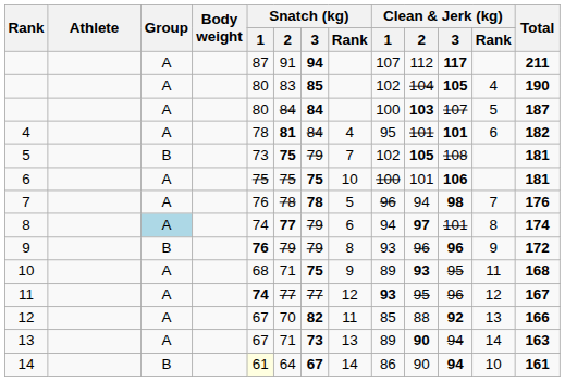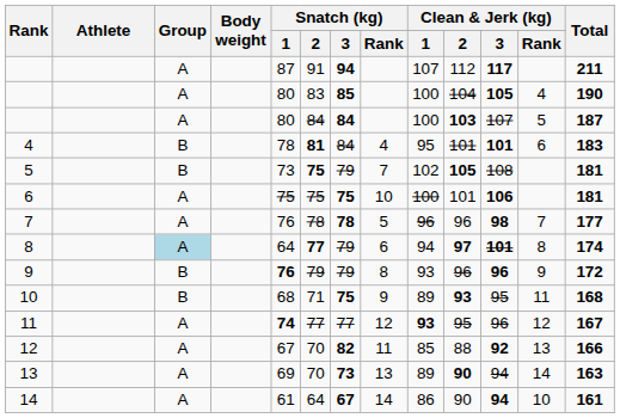 <table class = "wikitable" style="text-align:center;">
 <tr>
 <th rowspan=2 width=40>Rank</th>
 <th rowspan=2 width=250>Athlete</th>
 <th rowspan=2 width=50>Group</th>
 <th rowspan=2 width=60>Body weight</th>
 <th colspan=4>Snatch (kg)</th>
 <th colspan=4>Clean & Jerk (kg)</th>
 <th rowspan=2 width=60>Total</th>
 </tr>
 <tr>
 <th width=40>1</th>
 <th width=40>2</th>
 <th width=40>3</th>
 <th width=40>Rank</th>
 <th width=40>1</th>
 <th width=40>2</th>
 <th width=40>3</th>
 <th width=40>Rank</th>
 </tr>
 <tr>
 <td></td>
 <td align=left></td>
 <td>A</td>
 <td></td>
 <td>87</td>
 <td>91</td>
 <td><strong>94</strong></td>
 <td></td>
 <td>107</td>
 <td>112</td>
 <td><strong>117</strong></td>
 <td></td>
 <td><strong>211</strong></td>
 </tr>
 <tr>
 <td></td>
 <td align=left></td>
 <td>A</td>
 <td></td>
 <td>80</td>
 <td>83</td>
 <td><strong>85</strong></td>
 <td></td>
-<td>102</td>
+<td>100</td>
 <td><s>104</s></td>
 <td><strong>105</strong></td>
 <td>4</td>
 <td><strong>190</strong></td>
 </tr>
 <tr>
 <td></td>
 <td align=left></td>
 <td>A</td>
 <td></td>
 <td>80</td>
 <td><s>84</s></td>
 <td><strong>84</strong></td>
 <td></td>
 <td>100</td>
 <td><strong>103</strong></td>
 <td><s>107</s></td>
 <td>5</td>
 <td><strong>187</strong></td>
 </tr>
 <tr>
 <td>4</td>
 <td align=left></td>
-<td>A</td>
+<td>B</td>
 <td></td>
 <td>78</td>
 <td><strong>81</strong></td>
 <td><s>84</s></td>
 <td>4</td>
 <td>95</td>
 <td><s>101</s></td>
 <td><strong>101</strong></td>
 <td>6</td>
-<td><strong>182</strong></td>
+<td><strong>183</strong></td>
 </tr>
 <tr>
 <td>5</td>
 <td align=left></td>
 <td>B</td>
 <td></td>
 <td>73</td>
 <td><strong>75</strong></td>
 <td><s>79</s></td>
 <td>7</td>
 <td>102</td>
 <td><strong>105</strong></td>
 <td><s>108</s></td>
 <td></td>
 <td><strong>181</strong></td>
 </tr>
 <tr>
 <td>6</td>
 <td align=left></td>
 <td>A</td>
 <td></td>
 <td><s>75</s></td>
 <td><s>75</s></td>
 <td><strong>75</strong></td>
 <td>10</td>
 <td><s>100</s></td>
 <td>101</td>
 <td><strong>106</strong></td>
 <td></td>
 <td><strong>181</strong></td>
 </tr>
 <tr>
 <td>7</td>
 <td align=left></td>
 <td>A</td>
 <td></td>
 <td>76</td>
 <td><s>78</s></td>
 <td><strong>78</strong></td>
 <td>5</td>
 <td><s>96</s></td>
-<td>94</td>
+<td>96</td>
 <td><strong>98</strong></td>
 <td>7</td>
-<td><strong>176</strong></td>
+<td><strong>177</strong></td>
 </tr>
 <tr>
 <td>8</td>
 <td align=left></td>
 <td style="background: lightblue;">A</td>
 <td></td>
-<td>74</td>
+<td>64</td>
 <td><strong>77</strong></td>
 <td><s>79</s></td>
 <td>6</td>
 <td>94</td>
 <td><strong>97</strong></td>
-<td><s>101</s></td>
+<td><strong><s>101</s></strong></td>
 <td>8</td>
 <td><strong>174</strong></td>
 </tr>
 <tr>
 <td>9</td>
 <td align=left></td>
 <td>B</td>
 <td></td>
 <td><strong>76</strong></td>
 <td><s>79</s></td>
 <td><s>79</s></td>
 <td>8</td>
 <td>93</td>
 <td><s>96</s></td>
 <td><strong>96</strong></td>
 <td>9</td>
 <td><strong>172</strong></td>
 </tr>
 <tr>
 <td>10</td>
 <td align=left></td>
-<td>A</td>
+<td>B</td>
 <td></td>
 <td>68</td>
 <td>71</td>
 <td><strong>75</strong></td>
 <td>9</td>
 <td>89</td>
 <td><strong>93</strong></td>
 <td><s>95</s></td>
 <td>11</td>
 <td><strong>168</strong></td>
 </tr>
 <tr>
 <td>11</td>
 <td align=left></td>
 <td>A</td>
 <td></td>
 <td><strong>74</strong></td>
 <td><s>77</s></td>
 <td><s>77</s></td>
 <td>12</td>
 <td><strong>93</strong></td>
 <td><s>95</s></td>
 <td><s>96</s></td>
 <td>12</td>
 <td><strong>167</strong></td>
 </tr>
 <tr>
 <td>12</td>
 <td align=left></td>
 <td>A</td>
 <td></td>
 <td>67</td>
 <td>70</td>
 <td><strong>82</strong></td>
 <td>11</td>
 <td>85</td>
 <td>88</td>
 <td><strong>92</strong></td>
 <td>13</td>
 <td><strong>166</strong></td>
 </tr>
 <tr>
 <td>13</td>
 <td align=left></td>
 <td>A</td>
 <td></td>
-<td>67</td>
-<td>71</td>
+<td>69</td>
+<td>70</td>
 <td><strong>73</strong></td>
 <td>13</td>
 <td>89</td>
 <td><strong>90</strong></td>
 <td><s>94</s></td>
 <td>14</td>
 <td><strong>163</strong></td>
 </tr>
 <tr>
 <td>14</td>
 <td align=left></td>
-<td>B</td>
+<td>A</td>
 <td></td>
-<td style="background: lightyellow;">61</td>
+<td>61</td>
 <td>64</td>
 <td><strong>67</strong></td>
 <td>14</td>
 <td>86</td>
 <td>90</td>
 <td><strong>94</strong></td>
 <td>10</td>
 <td><strong>161</strong></td>
 </tr>
 </table>
